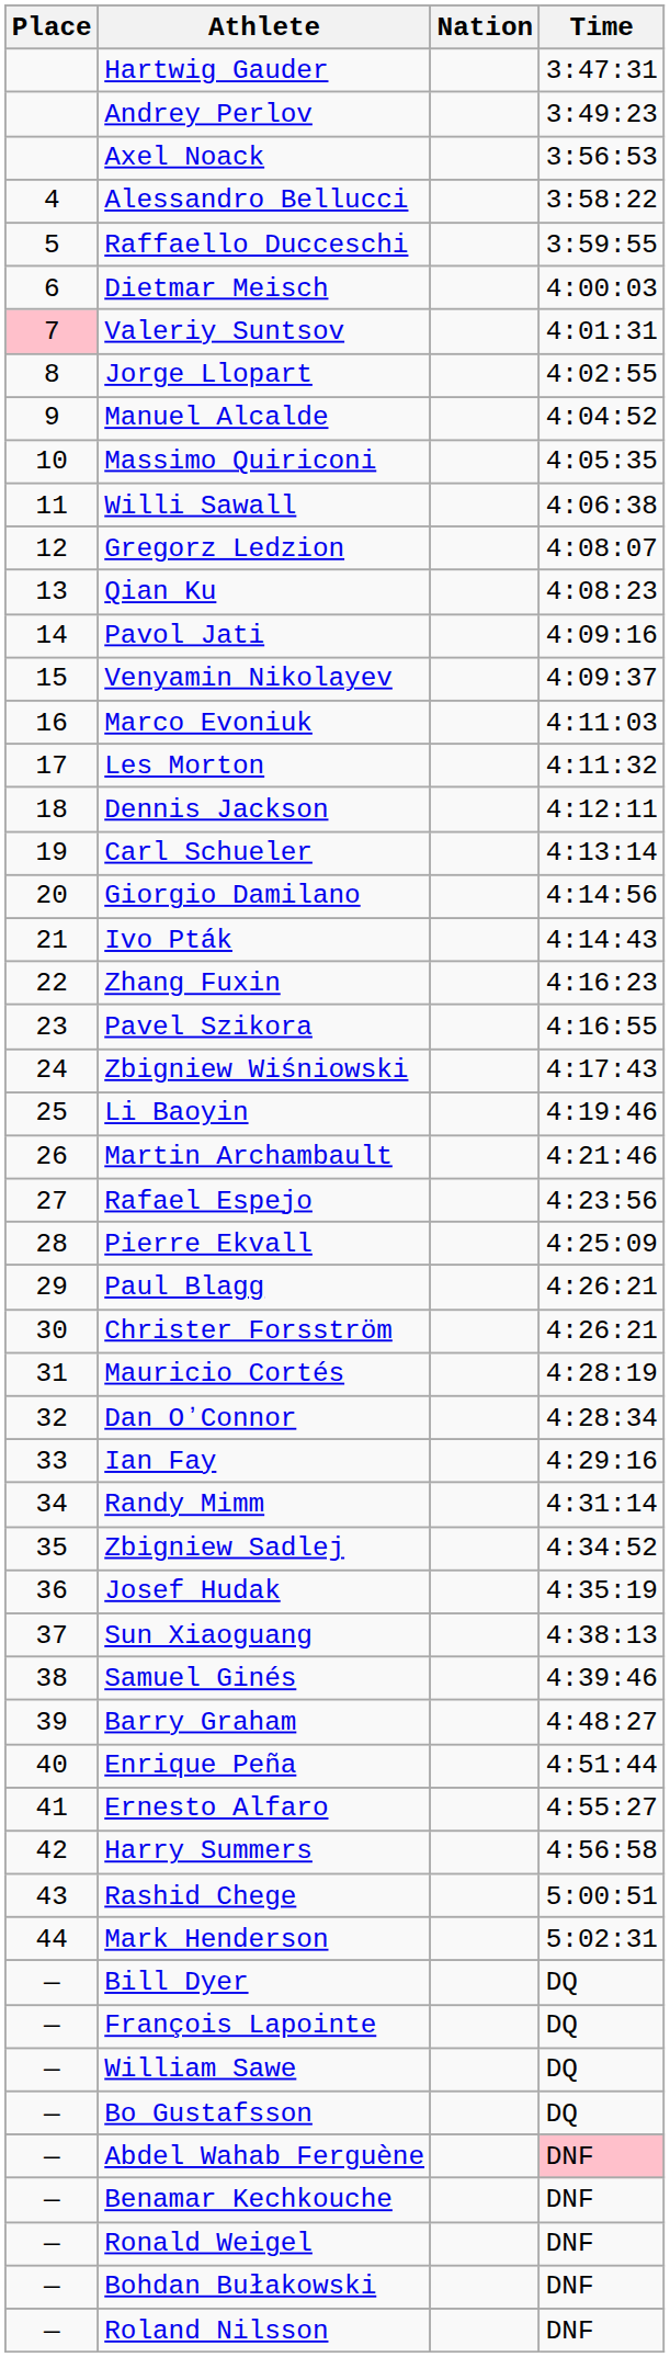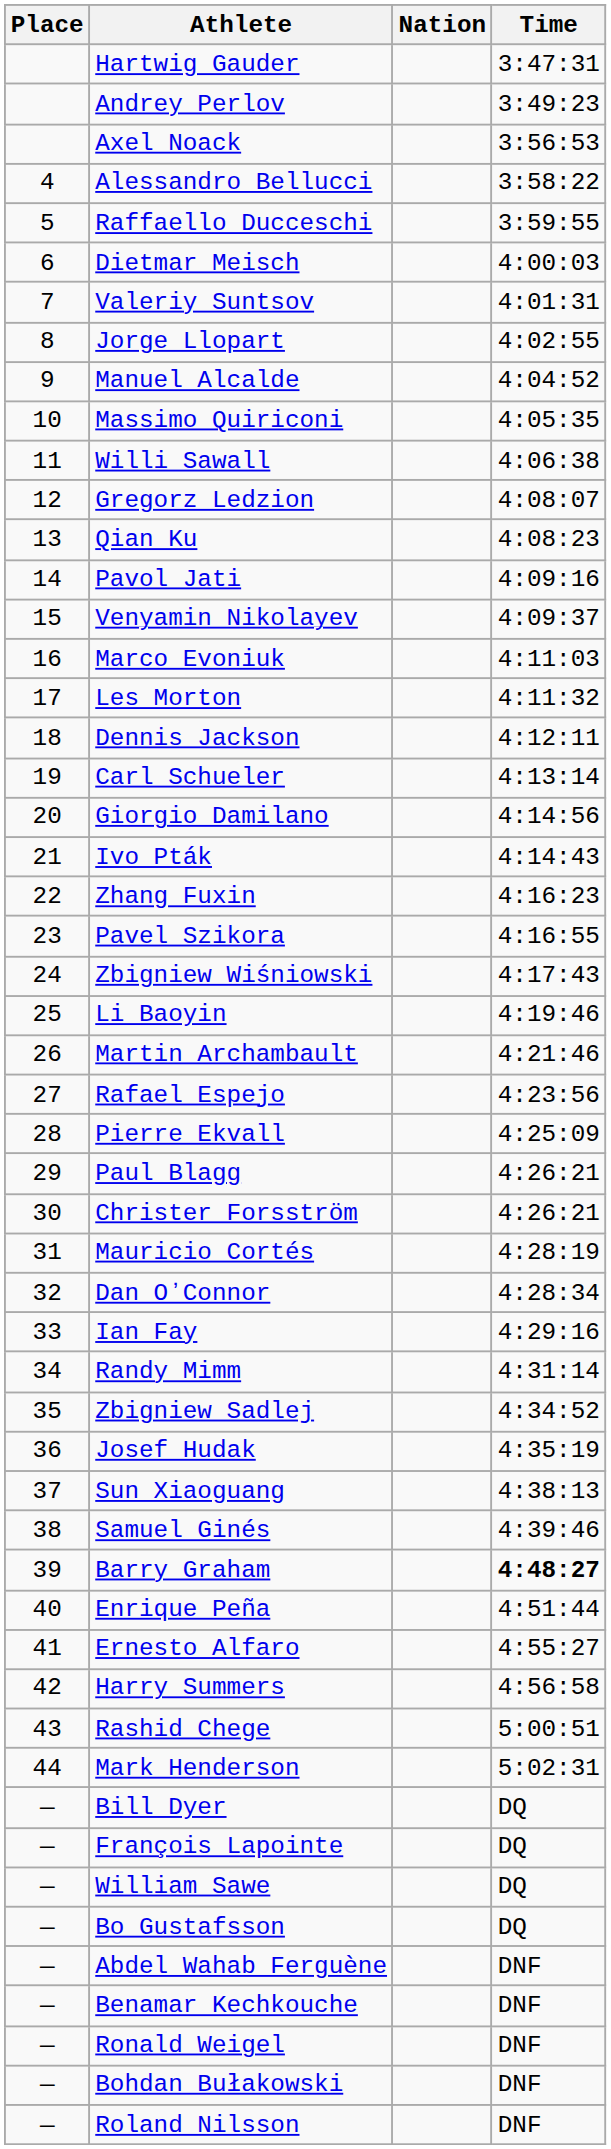 <table class=wikitable>
 <tr>
 <th>Place</th>
 <th>Athlete</th>
 <th>Nation</th>
 <th>Time</th>
 </tr>
 <tr>
 <td align=center></td>
 <td><a href='#'>Hartwig Gauder</a></td>
 <td></td>
 <td>3:47:31</td>
 </tr>
 <tr>
 <td align=center></td>
 <td><a href='#'>Andrey Perlov</a></td>
 <td></td>
 <td>3:49:23</td>
 </tr>
 <tr>
 <td align=center></td>
 <td><a href='#'>Axel Noack</a></td>
 <td></td>
 <td>3:56:53</td>
 </tr>
 <tr>
 <td align=center>4</td>
 <td><a href='#'>Alessandro Bellucci</a></td>
 <td></td>
 <td>3:58:22</td>
 </tr>
 <tr>
 <td align=center>5</td>
 <td><a href='#'>Raffaello Ducceschi</a></td>
 <td></td>
 <td>3:59:55</td>
 </tr>
 <tr>
 <td align=center>6</td>
 <td><a href='#'>Dietmar Meisch</a></td>
 <td></td>
 <td>4:00:03</td>
 </tr>
 <tr>
-<td align=center style="background: pink;">7</td>
+<td align=center>7</td>
 <td><a href='#'>Valeriy Suntsov</a></td>
 <td></td>
 <td>4:01:31</td>
 </tr>
 <tr>
 <td align=center>8</td>
 <td><a href='#'>Jorge Llopart</a></td>
 <td></td>
 <td>4:02:55</td>
 </tr>
 <tr>
 <td align=center>9</td>
 <td><a href='#'>Manuel Alcalde</a></td>
 <td></td>
 <td>4:04:52</td>
 </tr>
 <tr>
 <td align=center>10</td>
 <td><a href='#'>Massimo Quiriconi</a></td>
 <td></td>
 <td>4:05:35</td>
 </tr>
 <tr>
 <td align=center>11</td>
 <td><a href='#'>Willi Sawall</a></td>
 <td></td>
 <td>4:06:38</td>
 </tr>
 <tr>
 <td align=center>12</td>
 <td><a href='#'>Gregorz Ledzion</a></td>
 <td></td>
 <td>4:08:07</td>
 </tr>
 <tr>
 <td align=center>13</td>
 <td><a href='#'>Qian Ku</a></td>
 <td></td>
 <td>4:08:23</td>
 </tr>
 <tr>
 <td align=center>14</td>
 <td><a href='#'>Pavol Jati</a></td>
 <td></td>
 <td>4:09:16</td>
 </tr>
 <tr>
 <td align=center>15</td>
 <td><a href='#'>Venyamin Nikolayev</a></td>
 <td></td>
 <td>4:09:37</td>
 </tr>
 <tr>
 <td align=center>16</td>
 <td><a href='#'>Marco Evoniuk</a></td>
 <td></td>
 <td>4:11:03</td>
 </tr>
 <tr>
 <td align=center>17</td>
 <td><a href='#'>Les Morton</a></td>
 <td></td>
 <td>4:11:32</td>
 </tr>
 <tr>
 <td align=center>18</td>
 <td><a href='#'>Dennis Jackson</a></td>
 <td></td>
 <td>4:12:11</td>
 </tr>
 <tr>
 <td align=center>19</td>
 <td><a href='#'>Carl Schueler</a></td>
 <td></td>
 <td>4:13:14</td>
 </tr>
 <tr>
 <td align=center>20</td>
 <td><a href='#'>Giorgio Damilano</a></td>
 <td></td>
 <td>4:14:56</td>
 </tr>
 <tr>
 <td align=center>21</td>
 <td><a href='#'>Ivo Pták</a></td>
 <td></td>
 <td>4:14:43</td>
 </tr>
 <tr>
 <td align=center>22</td>
 <td><a href='#'>Zhang Fuxin</a></td>
 <td></td>
 <td>4:16:23</td>
 </tr>
 <tr>
 <td align=center>23</td>
 <td><a href='#'>Pavel Szikora</a></td>
 <td></td>
 <td>4:16:55</td>
 </tr>
 <tr>
 <td align=center>24</td>
 <td><a href='#'>Zbigniew Wiśniowski</a></td>
 <td></td>
 <td>4:17:43</td>
 </tr>
 <tr>
 <td align=center>25</td>
 <td><a href='#'>Li Baoyin</a></td>
 <td></td>
 <td>4:19:46</td>
 </tr>
 <tr>
 <td align=center>26</td>
 <td><a href='#'>Martin Archambault</a></td>
 <td></td>
 <td>4:21:46</td>
 </tr>
 <tr>
 <td align=center>27</td>
 <td><a href='#'>Rafael Espejo</a></td>
 <td></td>
 <td>4:23:56</td>
 </tr>
 <tr>
 <td align=center>28</td>
 <td><a href='#'>Pierre Ekvall</a></td>
 <td></td>
 <td>4:25:09</td>
 </tr>
 <tr>
 <td align=center>29</td>
 <td><a href='#'>Paul Blagg</a></td>
 <td></td>
 <td>4:26:21</td>
 </tr>
 <tr>
 <td align=center>30</td>
 <td><a href='#'>Christer Forsström</a></td>
 <td></td>
 <td>4:26:21</td>
 </tr>
 <tr>
 <td align=center>31</td>
 <td><a href='#'>Mauricio Cortés</a></td>
 <td></td>
 <td>4:28:19</td>
 </tr>
 <tr>
 <td align=center>32</td>
 <td><a href='#'>Dan OʼConnor</a></td>
 <td></td>
 <td>4:28:34</td>
 </tr>
 <tr>
 <td align=center>33</td>
 <td><a href='#'>Ian Fay</a></td>
 <td></td>
 <td>4:29:16</td>
 </tr>
 <tr>
 <td align=center>34</td>
 <td><a href='#'>Randy Mimm</a></td>
 <td></td>
 <td>4:31:14</td>
 </tr>
 <tr>
 <td align=center>35</td>
 <td><a href='#'>Zbigniew Sadlej</a></td>
 <td></td>
 <td>4:34:52</td>
 </tr>
 <tr>
 <td align=center>36</td>
 <td><a href='#'>Josef Hudak</a></td>
 <td></td>
 <td>4:35:19</td>
 </tr>
 <tr>
 <td align=center>37</td>
 <td><a href='#'>Sun Xiaoguang</a></td>
 <td></td>
 <td>4:38:13</td>
 </tr>
 <tr>
 <td align=center>38</td>
 <td><a href='#'>Samuel Ginés</a></td>
 <td></td>
 <td>4:39:46</td>
 </tr>
 <tr>
 <td align=center>39</td>
 <td><a href='#'>Barry Graham</a></td>
 <td></td>
-<td>4:48:27</td>
+<td><strong>4:48:27</strong></td>
 </tr>
 <tr>
 <td align=center>40</td>
 <td><a href='#'>Enrique Peña</a></td>
 <td></td>
 <td>4:51:44</td>
 </tr>
 <tr>
 <td align=center>41</td>
 <td><a href='#'>Ernesto Alfaro</a></td>
 <td></td>
 <td>4:55:27</td>
 </tr>
 <tr>
 <td align=center>42</td>
 <td><a href='#'>Harry Summers</a></td>
 <td></td>
 <td>4:56:58</td>
 </tr>
 <tr>
 <td align=center>43</td>
 <td><a href='#'>Rashid Chege</a></td>
 <td></td>
 <td>5:00:51</td>
 </tr>
 <tr>
 <td align=center>44</td>
 <td><a href='#'>Mark Henderson</a></td>
 <td></td>
 <td>5:02:31</td>
 </tr>
 <tr>
 <td align=center>—</td>
 <td><a href='#'>Bill Dyer</a></td>
 <td></td>
 <td>DQ</td>
 </tr>
 <tr>
 <td align=center>—</td>
 <td><a href='#'>François Lapointe</a></td>
 <td></td>
 <td>DQ</td>
 </tr>
 <tr>
 <td align=center>—</td>
 <td><a href='#'>William Sawe</a></td>
 <td></td>
 <td>DQ</td>
 </tr>
 <tr>
 <td align=center>—</td>
 <td><a href='#'>Bo Gustafsson</a></td>
 <td></td>
 <td>DQ</td>
 </tr>
 <tr>
 <td align=center>—</td>
 <td><a href='#'>Abdel Wahab Ferguène</a></td>
 <td></td>
-<td style="background: pink;">DNF</td>
+<td>DNF</td>
 </tr>
 <tr>
 <td align=center>—</td>
 <td><a href='#'>Benamar Kechkouche</a></td>
 <td></td>
 <td>DNF</td>
 </tr>
 <tr>
 <td align=center>—</td>
 <td><a href='#'>Ronald Weigel</a></td>
 <td></td>
 <td>DNF</td>
 </tr>
 <tr>
 <td align=center>—</td>
 <td><a href='#'>Bohdan Bułakowski</a></td>
 <td></td>
 <td>DNF</td>
 </tr>
 <tr>
 <td align=center>—</td>
 <td><a href='#'>Roland Nilsson</a></td>
 <td></td>
 <td>DNF</td>
 </tr>
 </table>
